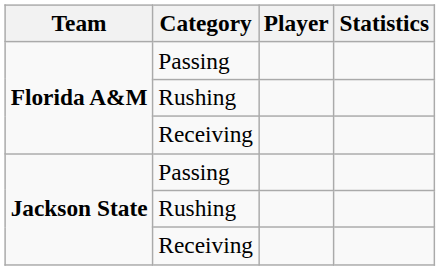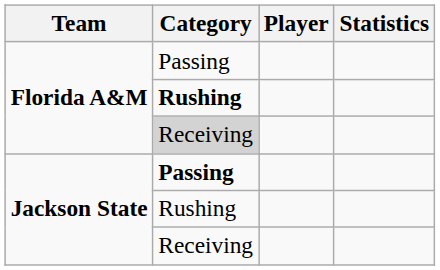 <table class="wikitable" style="float: right;">
 <tr>
 <th>Team</th>
 <th>Category</th>
 <th>Player</th>
 <th>Statistics</th>
 </tr>
 <tr>
 <td rowspan=3><strong>Florida A&M</strong></td>
 <td>Passing</td>
 <td></td>
 <td></td>
 </tr>
 <tr>
-<td>Rushing</td>
+<td><strong>Rushing</strong></td>
 <td></td>
 <td></td>
 </tr>
 <tr>
-<td>Receiving</td>
+<td style="background: lightgrey;">Receiving</td>
 <td></td>
 <td></td>
 </tr>
 <tr>
 <td rowspan=3><strong>Jackson State</strong></td>
-<td>Passing</td>
+<td><strong>Passing</strong></td>
 <td></td>
 <td></td>
 </tr>
 <tr>
 <td>Rushing</td>
 <td></td>
 <td></td>
 </tr>
 <tr>
 <td>Receiving</td>
 <td></td>
 <td></td>
 </tr>
 </table>
